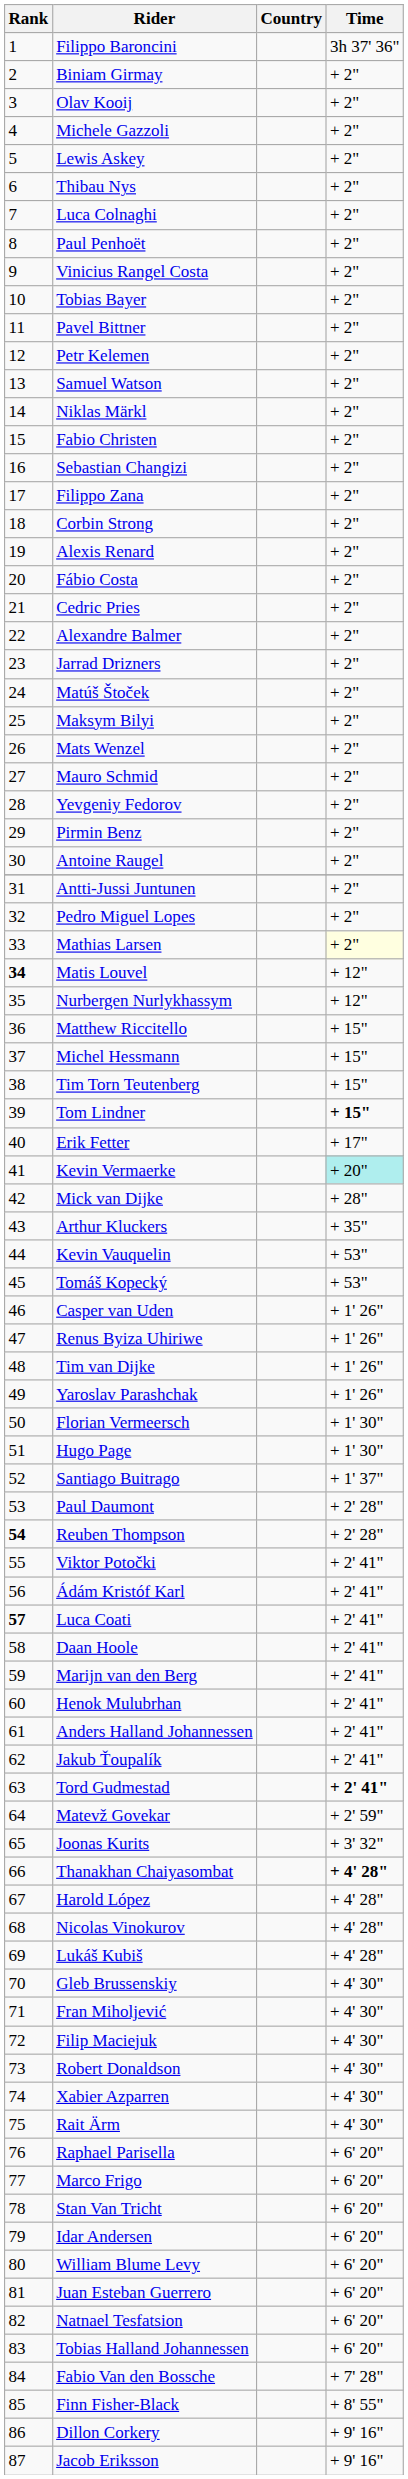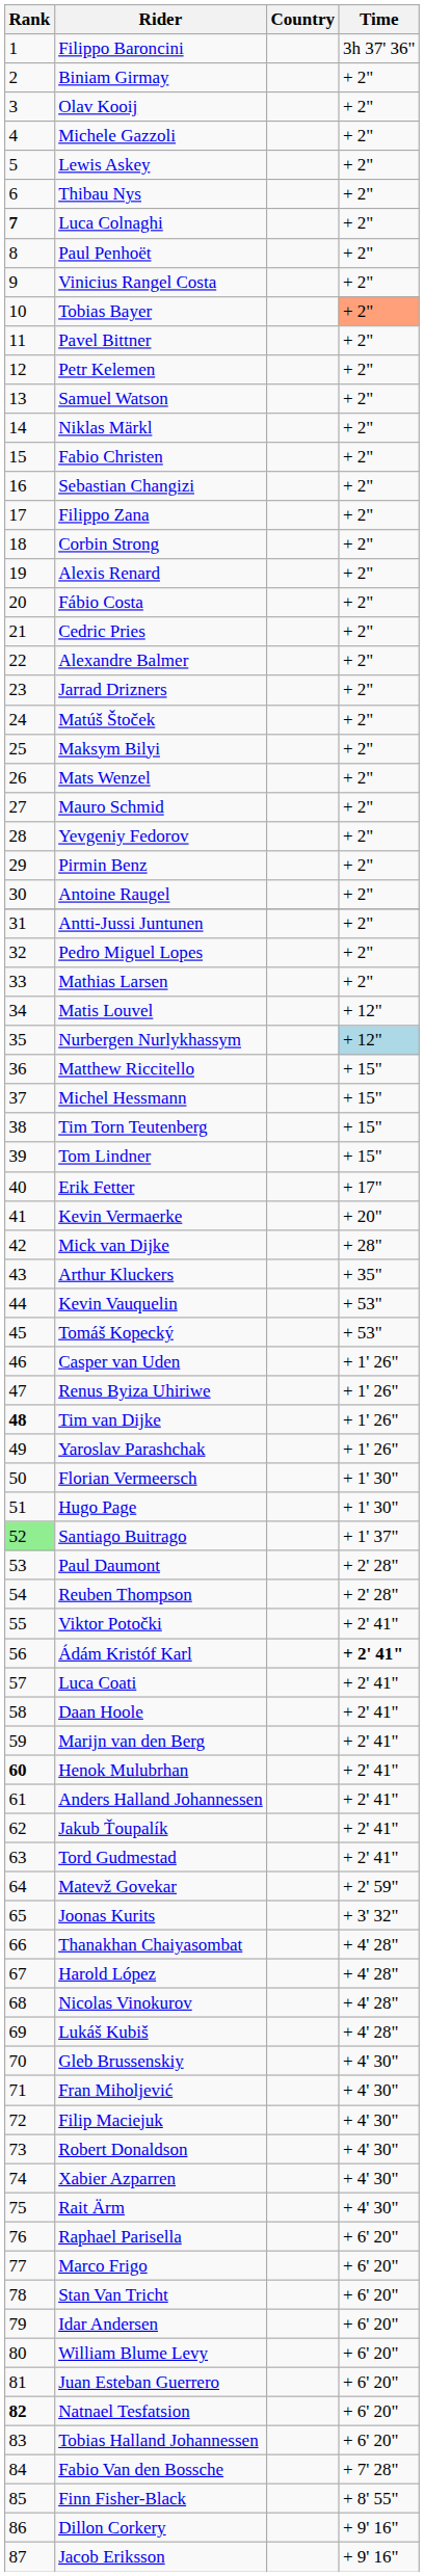 <table class="wikitable" style="font-size:95%; text-align:left;">
 <tr>
 <th>Rank</th>
 <th>Rider</th>
 <th>Country</th>
 <th>Time</th>
 </tr>
 <tr>
 <td>1</td>
 <td><a href='#'>Filippo Baroncini</a></td>
 <td></td>
 <td>3h 37' 36"</td>
 </tr>
 <tr>
 <td>2</td>
 <td><a href='#'>Biniam Girmay</a></td>
 <td></td>
 <td>+ 2"</td>
 </tr>
 <tr>
 <td>3</td>
 <td><a href='#'>Olav Kooij</a></td>
 <td></td>
 <td>+ 2"</td>
 </tr>
 <tr>
 <td>4</td>
 <td><a href='#'>Michele Gazzoli</a></td>
 <td></td>
 <td>+ 2"</td>
 </tr>
 <tr>
 <td>5</td>
 <td><a href='#'>Lewis Askey</a></td>
 <td></td>
 <td>+ 2"</td>
 </tr>
 <tr>
 <td>6</td>
 <td><a href='#'>Thibau Nys</a></td>
 <td></td>
 <td>+ 2"</td>
 </tr>
 <tr>
-<td>7</td>
+<td><strong>7</strong></td>
 <td><a href='#'>Luca Colnaghi</a></td>
 <td></td>
 <td>+ 2"</td>
 </tr>
 <tr>
 <td>8</td>
 <td><a href='#'>Paul Penhoët</a></td>
 <td></td>
 <td>+ 2"</td>
 </tr>
 <tr>
 <td>9</td>
 <td><a href='#'>Vinicius Rangel Costa</a></td>
 <td></td>
 <td>+ 2"</td>
 </tr>
 <tr>
 <td>10</td>
 <td><a href='#'>Tobias Bayer</a></td>
 <td></td>
-<td>+ 2"</td>
+<td style="background: lightsalmon;">+ 2"</td>
 </tr>
 <tr>
 <td>11</td>
 <td><a href='#'>Pavel Bittner</a></td>
 <td></td>
 <td>+ 2"</td>
 </tr>
 <tr>
 <td>12</td>
 <td><a href='#'>Petr Kelemen</a></td>
 <td></td>
 <td>+ 2"</td>
 </tr>
 <tr>
 <td>13</td>
 <td><a href='#'>Samuel Watson</a></td>
 <td></td>
 <td>+ 2"</td>
 </tr>
 <tr>
 <td>14</td>
 <td><a href='#'>Niklas Märkl</a></td>
 <td></td>
 <td>+ 2"</td>
 </tr>
 <tr>
 <td>15</td>
 <td><a href='#'>Fabio Christen</a></td>
 <td></td>
 <td>+ 2"</td>
 </tr>
 <tr>
 <td>16</td>
 <td><a href='#'>Sebastian Changizi</a></td>
 <td></td>
 <td>+ 2"</td>
 </tr>
 <tr>
 <td>17</td>
 <td><a href='#'>Filippo Zana</a></td>
 <td></td>
 <td>+ 2"</td>
 </tr>
 <tr>
 <td>18</td>
 <td><a href='#'>Corbin Strong</a></td>
 <td></td>
 <td>+ 2"</td>
 </tr>
 <tr>
 <td>19</td>
 <td><a href='#'>Alexis Renard</a></td>
 <td></td>
 <td>+ 2"</td>
 </tr>
 <tr>
 <td>20</td>
 <td><a href='#'>Fábio Costa</a></td>
 <td></td>
 <td>+ 2"</td>
 </tr>
 <tr>
 <td>21</td>
 <td><a href='#'>Cedric Pries</a></td>
 <td></td>
 <td>+ 2"</td>
 </tr>
 <tr>
 <td>22</td>
 <td><a href='#'>Alexandre Balmer</a></td>
 <td></td>
 <td>+ 2"</td>
 </tr>
 <tr>
 <td>23</td>
 <td><a href='#'>Jarrad Drizners</a></td>
 <td></td>
 <td>+ 2"</td>
 </tr>
 <tr>
 <td>24</td>
 <td><a href='#'>Matúš Štoček</a></td>
 <td></td>
 <td>+ 2"</td>
 </tr>
 <tr>
 <td>25</td>
 <td><a href='#'>Maksym Bilyi</a></td>
 <td></td>
 <td>+ 2"</td>
 </tr>
 <tr>
 <td>26</td>
 <td><a href='#'>Mats Wenzel</a></td>
 <td></td>
 <td>+ 2"</td>
 </tr>
 <tr>
 <td>27</td>
 <td><a href='#'>Mauro Schmid</a></td>
 <td></td>
 <td>+ 2"</td>
 </tr>
 <tr>
 <td>28</td>
 <td><a href='#'>Yevgeniy Fedorov</a></td>
 <td></td>
 <td>+ 2"</td>
 </tr>
 <tr>
 <td>29</td>
 <td><a href='#'>Pirmin Benz</a></td>
 <td></td>
 <td>+ 2"</td>
 </tr>
 <tr>
 <td>30</td>
 <td><a href='#'>Antoine Raugel</a></td>
 <td></td>
 <td>+ 2"</td>
 </tr>
 <tr>
 </tr>
 <tr>
 <td>31</td>
 <td><a href='#'>Antti-Jussi Juntunen</a></td>
 <td></td>
 <td>+ 2"</td>
 </tr>
 <tr>
 <td>32</td>
 <td><a href='#'>Pedro Miguel Lopes</a></td>
 <td></td>
 <td>+ 2"</td>
 </tr>
 <tr>
 <td>33</td>
 <td><a href='#'>Mathias Larsen</a></td>
 <td></td>
-<td style="background: lightyellow;">+ 2"</td>
+<td>+ 2"</td>
 </tr>
 <tr>
-<td><strong>34</strong></td>
+<td>34</td>
 <td><a href='#'>Matis Louvel</a></td>
 <td></td>
 <td>+ 12"</td>
 </tr>
 <tr>
 <td>35</td>
 <td><a href='#'>Nurbergen Nurlykhassym</a></td>
 <td></td>
-<td>+ 12"</td>
+<td style="background: lightblue;">+ 12"</td>
 </tr>
 <tr>
 <td>36</td>
 <td><a href='#'>Matthew Riccitello</a></td>
 <td></td>
 <td>+ 15"</td>
 </tr>
 <tr>
 <td>37</td>
 <td><a href='#'>Michel Hessmann</a></td>
 <td></td>
 <td>+ 15"</td>
 </tr>
 <tr>
 <td>38</td>
 <td><a href='#'>Tim Torn Teutenberg</a></td>
 <td></td>
 <td>+ 15"</td>
 </tr>
 <tr>
 <td>39</td>
 <td><a href='#'>Tom Lindner</a></td>
 <td></td>
-<td><strong>+ 15"</strong></td>
+<td>+ 15"</td>
 </tr>
 <tr>
 <td>40</td>
 <td><a href='#'>Erik Fetter</a></td>
 <td></td>
 <td>+ 17"</td>
 </tr>
 <tr>
 <td>41</td>
 <td><a href='#'>Kevin Vermaerke</a></td>
 <td></td>
-<td style="background: paleturquoise;">+ 20"</td>
+<td>+ 20"</td>
 </tr>
 <tr>
 <td>42</td>
 <td><a href='#'>Mick van Dijke</a></td>
 <td></td>
 <td>+ 28"</td>
 </tr>
 <tr>
 <td>43</td>
 <td><a href='#'>Arthur Kluckers</a></td>
 <td></td>
 <td>+ 35"</td>
 </tr>
 <tr>
 <td>44</td>
 <td><a href='#'>Kevin Vauquelin</a></td>
 <td></td>
 <td>+ 53"</td>
 </tr>
 <tr>
 <td>45</td>
 <td><a href='#'>Tomáš Kopecký</a></td>
 <td></td>
 <td>+ 53"</td>
 </tr>
 <tr>
 <td>46</td>
 <td><a href='#'>Casper van Uden</a></td>
 <td></td>
 <td>+ 1' 26"</td>
 </tr>
 <tr>
 <td>47</td>
 <td><a href='#'>Renus Byiza Uhiriwe</a></td>
 <td></td>
 <td>+ 1' 26"</td>
 </tr>
 <tr>
-<td>48</td>
+<td><strong>48</strong></td>
 <td><a href='#'>Tim van Dijke</a></td>
 <td></td>
 <td>+ 1' 26"</td>
 </tr>
 <tr>
 <td>49</td>
 <td><a href='#'>Yaroslav Parashchak</a></td>
 <td></td>
 <td>+ 1' 26"</td>
 </tr>
 <tr>
 <td>50</td>
 <td><a href='#'>Florian Vermeersch</a></td>
 <td></td>
 <td>+ 1' 30"</td>
 </tr>
 <tr>
 <td>51</td>
 <td><a href='#'>Hugo Page</a></td>
 <td></td>
 <td>+ 1' 30"</td>
 </tr>
 <tr>
-<td>52</td>
+<td style="background: lightgreen;">52</td>
 <td><a href='#'>Santiago Buitrago</a></td>
 <td></td>
 <td>+ 1' 37"</td>
 </tr>
 <tr>
 <td>53</td>
 <td><a href='#'>Paul Daumont</a></td>
 <td></td>
 <td>+ 2' 28"</td>
 </tr>
 <tr>
-<td><strong>54</strong></td>
+<td>54</td>
 <td><a href='#'>Reuben Thompson</a></td>
 <td></td>
 <td>+ 2' 28"</td>
 </tr>
 <tr>
 <td>55</td>
 <td><a href='#'>Viktor Potočki</a></td>
 <td></td>
 <td>+ 2' 41"</td>
 </tr>
 <tr>
 <td>56</td>
 <td><a href='#'>Ádám Kristóf Karl</a></td>
 <td></td>
-<td>+ 2' 41"</td>
+<td><strong>+ 2' 41"</strong></td>
 </tr>
 <tr>
-<td><strong>57</strong></td>
+<td>57</td>
 <td><a href='#'>Luca Coati</a></td>
 <td></td>
 <td>+ 2' 41"</td>
 </tr>
 <tr>
 <td>58</td>
 <td><a href='#'>Daan Hoole</a></td>
 <td></td>
 <td>+ 2' 41"</td>
 </tr>
 <tr>
 <td>59</td>
 <td><a href='#'>Marijn van den Berg</a></td>
 <td></td>
 <td>+ 2' 41"</td>
 </tr>
 <tr>
-<td>60</td>
+<td><strong>60</strong></td>
 <td><a href='#'>Henok Mulubrhan</a></td>
 <td></td>
 <td>+ 2' 41"</td>
 </tr>
 <tr>
 <td>61</td>
 <td><a href='#'>Anders Halland Johannessen</a></td>
 <td></td>
 <td>+ 2' 41"</td>
 </tr>
 <tr>
 <td>62</td>
 <td><a href='#'>Jakub Ťoupalík</a></td>
 <td></td>
 <td>+ 2' 41"</td>
 </tr>
 <tr>
 <td>63</td>
 <td><a href='#'>Tord Gudmestad</a></td>
 <td></td>
-<td><strong>+ 2' 41"</strong></td>
+<td>+ 2' 41"</td>
 </tr>
 <tr>
 <td>64</td>
 <td><a href='#'>Matevž Govekar</a></td>
 <td></td>
 <td>+ 2' 59"</td>
 </tr>
 <tr>
 <td>65</td>
 <td><a href='#'>Joonas Kurits</a></td>
 <td></td>
 <td>+ 3' 32"</td>
 </tr>
 <tr>
 <td>66</td>
 <td><a href='#'>Thanakhan Chaiyasombat</a></td>
 <td></td>
-<td><strong>+ 4' 28"</strong></td>
+<td>+ 4' 28"</td>
 </tr>
 <tr>
 <td>67</td>
 <td><a href='#'>Harold López</a></td>
 <td></td>
 <td>+ 4' 28"</td>
 </tr>
 <tr>
 <td>68</td>
 <td><a href='#'>Nicolas Vinokurov</a></td>
 <td></td>
 <td>+ 4' 28"</td>
 </tr>
 <tr>
 <td>69</td>
 <td><a href='#'>Lukáš Kubiš</a></td>
 <td></td>
 <td>+ 4' 28"</td>
 </tr>
 <tr>
 <td>70</td>
 <td><a href='#'>Gleb Brussenskiy</a></td>
 <td></td>
 <td>+ 4' 30"</td>
 </tr>
 <tr>
 <td>71</td>
 <td><a href='#'>Fran Miholjević</a></td>
 <td></td>
 <td>+ 4' 30"</td>
 </tr>
 <tr>
 <td>72</td>
 <td><a href='#'>Filip Maciejuk</a></td>
 <td></td>
 <td>+ 4' 30"</td>
 </tr>
 <tr>
 <td>73</td>
 <td><a href='#'>Robert Donaldson</a></td>
 <td></td>
 <td>+ 4' 30"</td>
 </tr>
 <tr>
 <td>74</td>
 <td><a href='#'>Xabier Azparren</a></td>
 <td></td>
 <td>+ 4' 30"</td>
 </tr>
 <tr>
 <td>75</td>
 <td><a href='#'>Rait Ärm</a></td>
 <td></td>
 <td>+ 4' 30"</td>
 </tr>
 <tr>
 <td>76</td>
 <td><a href='#'>Raphael Parisella</a></td>
 <td></td>
 <td>+ 6' 20"</td>
 </tr>
 <tr>
 <td>77</td>
 <td><a href='#'>Marco Frigo</a></td>
 <td></td>
 <td>+ 6' 20"</td>
 </tr>
 <tr>
 <td>78</td>
 <td><a href='#'>Stan Van Tricht</a></td>
 <td></td>
 <td>+ 6' 20"</td>
 </tr>
 <tr>
 <td>79</td>
 <td><a href='#'>Idar Andersen</a></td>
 <td></td>
 <td>+ 6' 20"</td>
 </tr>
 <tr>
 <td>80</td>
 <td><a href='#'>William Blume Levy</a></td>
 <td></td>
 <td>+ 6' 20"</td>
 </tr>
 <tr>
 <td>81</td>
 <td><a href='#'>Juan Esteban Guerrero</a></td>
 <td></td>
 <td>+ 6' 20"</td>
 </tr>
 <tr>
-<td>82</td>
+<td><strong>82</strong></td>
 <td><a href='#'>Natnael Tesfatsion</a></td>
 <td></td>
 <td>+ 6' 20"</td>
 </tr>
 <tr>
 <td>83</td>
 <td><a href='#'>Tobias Halland Johannessen</a></td>
 <td></td>
 <td>+ 6' 20"</td>
 </tr>
 <tr>
 <td>84</td>
 <td><a href='#'>Fabio Van den Bossche</a></td>
 <td></td>
 <td>+ 7' 28"</td>
 </tr>
 <tr>
 <td>85</td>
 <td><a href='#'>Finn Fisher-Black</a></td>
 <td></td>
 <td>+ 8' 55"</td>
 </tr>
 <tr>
 <td>86</td>
 <td><a href='#'>Dillon Corkery</a></td>
 <td></td>
 <td>+ 9' 16"</td>
 </tr>
 <tr>
 <td>87</td>
 <td><a href='#'>Jacob Eriksson</a></td>
 <td></td>
 <td>+ 9' 16"</td>
 </tr>
 </table>
